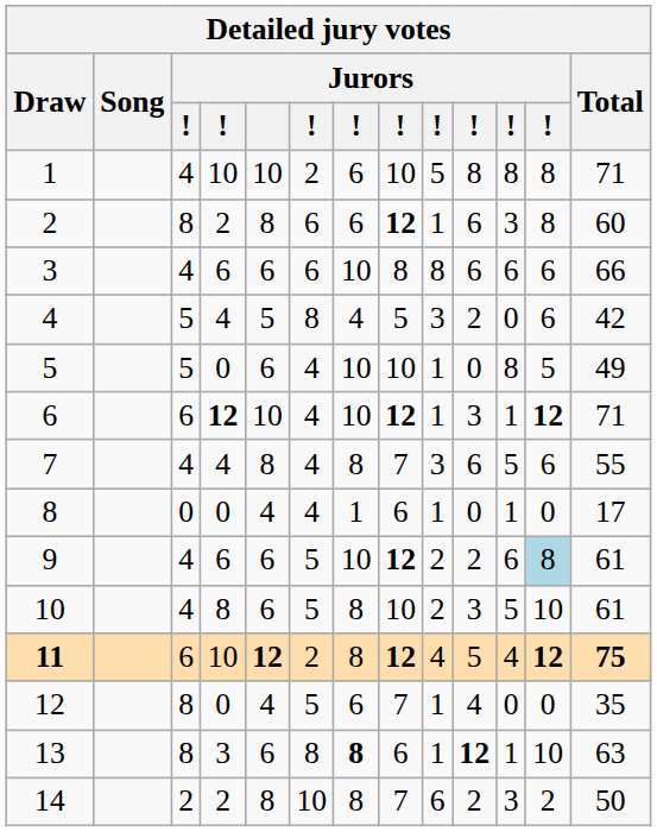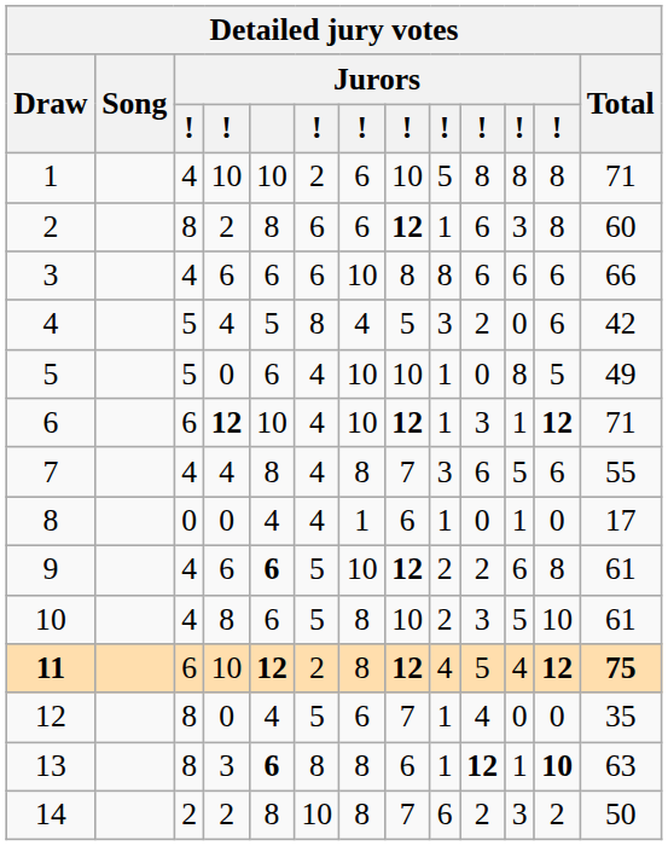 <table class="wikitable collapsible collapsed" style="float:right; margin:10px; text-align:center;">
 <tr>
 <th colspan="13">Detailed jury votes</th>
 </tr>
 <tr>
 <th rowspan="2">Draw</th>
 <th rowspan="2">Song</th>
 <th colspan="10">Jurors</th>
 <th rowspan="2">Total</th>
 </tr>
 <tr>
 <th>!</th>
 <th>!</th>
 <th></th>
 <th>!</th>
 <th>!</th>
 <th>!</th>
 <th>!</th>
 <th>!</th>
 <th>!</th>
 <th>!</th>
 </tr>
 <tr>
 <td>1</td>
 <td style="text-align:left;"></td>
 <td>4</td>
 <td>10</td>
 <td>10</td>
 <td>2</td>
 <td>6</td>
 <td>10</td>
 <td>5</td>
 <td>8</td>
 <td>8</td>
 <td>8</td>
 <td>71</td>
 </tr>
 <tr>
 <td>2</td>
 <td style="text-align:left;"></td>
 <td>8</td>
 <td>2</td>
 <td>8</td>
 <td>6</td>
 <td>6</td>
 <td><strong>12</strong></td>
 <td>1</td>
 <td>6</td>
 <td>3</td>
 <td>8</td>
 <td>60</td>
 </tr>
 <tr>
 <td>3</td>
 <td style="text-align:left;"></td>
 <td>4</td>
 <td>6</td>
 <td>6</td>
 <td>6</td>
 <td>10</td>
 <td>8</td>
 <td>8</td>
 <td>6</td>
 <td>6</td>
 <td>6</td>
 <td>66</td>
 </tr>
 <tr>
 <td>4</td>
 <td style="text-align:left;"></td>
 <td>5</td>
 <td>4</td>
 <td>5</td>
 <td>8</td>
 <td>4</td>
 <td>5</td>
 <td>3</td>
 <td>2</td>
 <td>0</td>
 <td>6</td>
 <td>42</td>
 </tr>
 <tr>
 <td>5</td>
 <td style="text-align:left;"></td>
 <td>5</td>
 <td>0</td>
 <td>6</td>
 <td>4</td>
 <td>10</td>
 <td>10</td>
 <td>1</td>
 <td>0</td>
 <td>8</td>
 <td>5</td>
 <td>49</td>
 </tr>
 <tr>
 <td>6</td>
 <td style="text-align:left;"></td>
 <td>6</td>
 <td><strong>12</strong></td>
 <td>10</td>
 <td>4</td>
 <td>10</td>
 <td><strong>12</strong></td>
 <td>1</td>
 <td>3</td>
 <td>1</td>
 <td><strong>12</strong></td>
 <td>71</td>
 </tr>
 <tr>
 <td>7</td>
 <td style="text-align:left;"></td>
 <td>4</td>
 <td>4</td>
 <td>8</td>
 <td>4</td>
 <td>8</td>
 <td>7</td>
 <td>3</td>
 <td>6</td>
 <td>5</td>
 <td>6</td>
 <td>55</td>
 </tr>
 <tr>
 <td>8</td>
 <td style="text-align:left;"></td>
 <td>0</td>
 <td>0</td>
 <td>4</td>
 <td>4</td>
 <td>1</td>
 <td>6</td>
 <td>1</td>
 <td>0</td>
 <td>1</td>
 <td>0</td>
 <td>17</td>
 </tr>
 <tr>
 <td>9</td>
 <td style="text-align:left;"></td>
 <td>4</td>
 <td>6</td>
-<td>6</td>
+<td><strong>6</strong></td>
 <td>5</td>
 <td>10</td>
 <td><strong>12</strong></td>
 <td>2</td>
 <td>2</td>
 <td>6</td>
-<td style="background: lightblue;">8</td>
+<td>8</td>
 <td>61</td>
 </tr>
 <tr>
 <td>10</td>
 <td style="text-align:left;"></td>
 <td>4</td>
 <td>8</td>
 <td>6</td>
 <td>5</td>
 <td>8</td>
 <td>10</td>
 <td>2</td>
 <td>3</td>
 <td>5</td>
 <td>10</td>
 <td>61</td>
 </tr>
 <tr style="background: navajowhite;">
 <td><strong>11</strong></td>
 <td style="text-align:left;"><strong></strong></td>
 <td>6</td>
 <td>10</td>
 <td><strong>12</strong></td>
 <td>2</td>
 <td>8</td>
 <td><strong>12</strong></td>
 <td>4</td>
 <td>5</td>
 <td>4</td>
 <td><strong>12</strong></td>
 <td><strong>75</strong></td>
 </tr>
 <tr>
 <td>12</td>
 <td style="text-align:left;"></td>
 <td>8</td>
 <td>0</td>
 <td>4</td>
 <td>5</td>
 <td>6</td>
 <td>7</td>
 <td>1</td>
 <td>4</td>
 <td>0</td>
 <td>0</td>
 <td>35</td>
 </tr>
 <tr>
 <td>13</td>
 <td style="text-align:left;"></td>
 <td>8</td>
 <td>3</td>
-<td>6</td>
+<td><strong>6</strong></td>
 <td>8</td>
-<td><strong>8</strong></td>
+<td>8</td>
 <td>6</td>
 <td>1</td>
 <td><strong>12</strong></td>
 <td>1</td>
-<td>10</td>
+<td><strong>10</strong></td>
 <td>63</td>
 </tr>
 <tr>
 <td>14</td>
 <td style="text-align:left;"></td>
 <td>2</td>
 <td>2</td>
 <td>8</td>
 <td>10</td>
 <td>8</td>
 <td>7</td>
 <td>6</td>
 <td>2</td>
 <td>3</td>
 <td>2</td>
 <td>50</td>
 </tr>
 </table>
